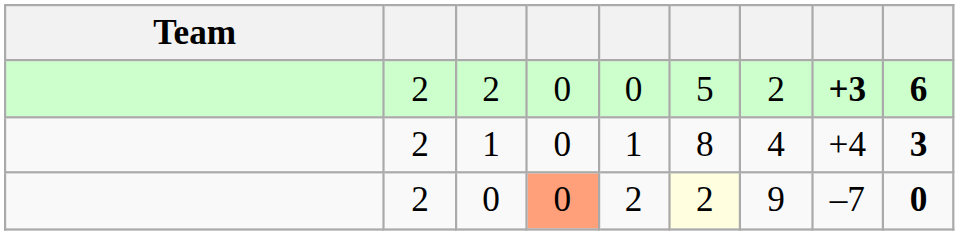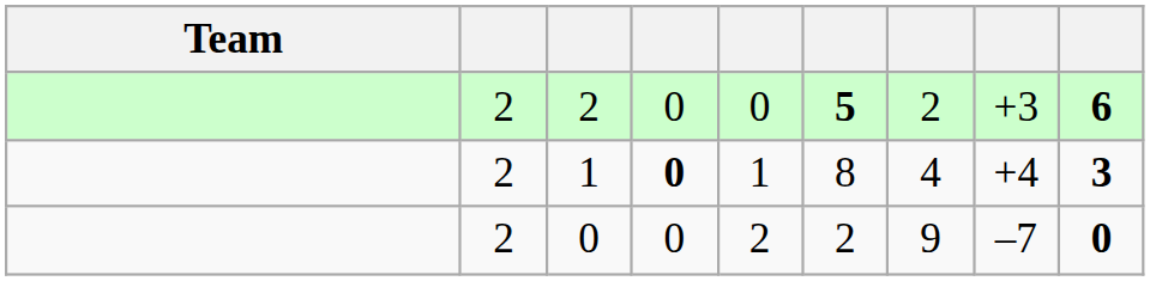 <table class="wikitable" style="text-align: center;">
 <tr>
 <th width=165>Team</th>
 <th width=25></th>
 <th width=25></th>
 <th width=25></th>
 <th width=25></th>
 <th width=25></th>
 <th width=25></th>
 <th width=25></th>
 <th width=25></th>
 </tr>
 <tr style="background:#ccffcc;">
 <td style="text-align:left;"></td>
 <td>2</td>
 <td>2</td>
 <td>0</td>
 <td>0</td>
-<td>5</td>
+<td><strong>5</strong></td>
 <td>2</td>
-<td><strong>+3</strong></td>
+<td>+3</td>
 <td><strong>6</strong></td>
 </tr>
 <tr align=center>
 <td style="text-align:left;"></td>
 <td>2</td>
 <td>1</td>
-<td>0</td>
+<td><strong>0</strong></td>
 <td>1</td>
 <td>8</td>
 <td>4</td>
 <td>+4</td>
 <td><strong>3</strong></td>
 </tr>
 <tr align=center>
 <td style="text-align:left;"></td>
 <td>2</td>
 <td>0</td>
-<td style="background: lightsalmon;">0</td>
+<td>0</td>
 <td>2</td>
-<td style="background: lightyellow;">2</td>
+<td>2</td>
 <td>9</td>
 <td>–7</td>
 <td><strong>0</strong></td>
 </tr>
 </table>
